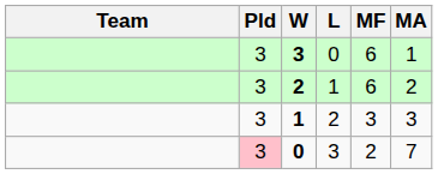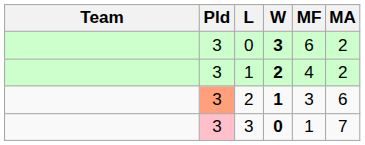 <table class=wikitable style="text-align:center">
 <tr>
 <th width=175>Team</th>
 <th width=20>Pld</th>
+<th width=20>L</th>
 <th width=20>W</th>
-<th width=20>L</th>
 <th width=20>MF</th>
 <th width=20>MA</th>
 </tr>
 <tr bgcolor=ccffcc>
 <td style="text-align:left"></td>
 <td>3</td>
+<td>0</td>
 <td><strong>3</strong></td>
-<td>0</td>
 <td>6</td>
-<td>1</td>
+<td>2</td>
 </tr>
 <tr bgcolor=ccffcc>
 <td style="text-align:left"></td>
 <td>3</td>
+<td>1</td>
 <td><strong>2</strong></td>
-<td>1</td>
-<td>6</td>
+<td>4</td>
 <td>2</td>
 </tr>
 <tr>
 <td style="text-align:left"></td>
+<td style="background: lightsalmon;">3</td>
+<td>2</td>
+<td><strong>1</strong></td>
 <td>3</td>
-<td><strong>1</strong></td>
-<td>2</td>
-<td>3</td>
-<td>3</td>
+<td>6</td>
 </tr>
 <tr>
 <td style="text-align:left"></td>
 <td style="background: pink;">3</td>
+<td>3</td>
 <td><strong>0</strong></td>
-<td>3</td>
-<td>2</td>
+<td>1</td>
 <td>7</td>
 </tr>
 </table>
